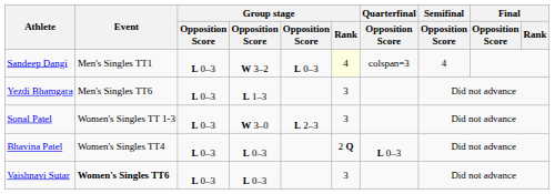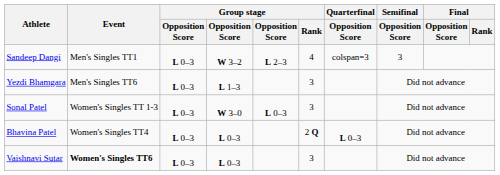 <table class=wikitable style="text-align:center; font-size:90%">
 <tr>
 <th rowspan=2>Athlete</th>
 <th rowspan=2>Event</th>
 <th colspan=4>Group stage</th>
 <th>Quarterfinal</th>
 <th>Semifinal</th>
 <th colspan=2>Final</th>
 </tr>
 <tr>
 <th>Opposition<br>Score</th>
 <th>Opposition<br>Score</th>
 <th>Opposition<br>Score</th>
 <th>Rank</th>
 <th>Opposition<br>Score</th>
 <th>Opposition<br>Score</th>
 <th>Opposition<br>Score</th>
 <th>Rank</th>
 </tr>
 <tr>
 <td align=left><a href='#'>Sandeep Dangi</a></td>
 <td align=left>Men's Singles TT1</td>
 <td><br><strong>L</strong> 0–3</td>
 <td><br><strong>W</strong> 3–2</td>
-<td><br><strong>L</strong> 0–3</td>
-<td style="background: lightyellow;">4</td>
+<td><br><strong>L</strong> 2–3</td>
+<td>4</td>
 <td>colspan=3 </td>
-<td>4</td>
+<td>3</td>
 </tr>
 <tr>
 <td align=left><a href='#'>Yezdi Bhamgara</a></td>
 <td align=left>Men's Singles TT6</td>
 <td><br><strong>L</strong> 0–3</td>
 <td><br><strong>L</strong> 1–3</td>
 <td></td>
 <td>3</td>
 <td></td>
 <td colspan=3>Did not advance</td>
 </tr>
 <tr>
 <td align=left><a href='#'>Sonal Patel</a></td>
 <td align=left>Women's Singles TT 1-3</td>
 <td><br><strong>L</strong> 0–3</td>
 <td><br><strong>W</strong> 3–0</td>
-<td><br><strong>L</strong> 2–3</td>
+<td><br><strong>L</strong> 0–3</td>
 <td>3</td>
 <td></td>
 <td colspan=3>Did not advance</td>
 </tr>
 <tr>
 <td align=left><a href='#'>Bhavina Patel</a></td>
 <td align=left>Women's Singles TT4</td>
 <td><br><strong>L</strong> 0–3</td>
 <td><br><strong>L</strong> 0–3</td>
 <td></td>
 <td>2 <strong>Q</strong></td>
 <td><br><strong>L</strong> 0–3</td>
 <td colspan=3>Did not advance</td>
 </tr>
 <tr>
 <td align=left><a href='#'>Vaishnavi Sutar</a></td>
 <td align=left><strong>Women's Singles TT6</strong></td>
 <td><br><strong>L</strong> 0–3</td>
 <td><br><strong>L</strong> 0–3</td>
 <td></td>
 <td>3</td>
 <td></td>
 <td colspan=3>Did not advance</td>
 </tr>
 </table>
